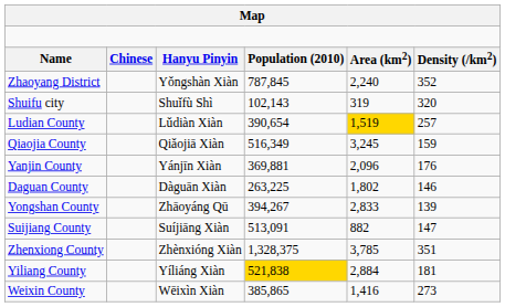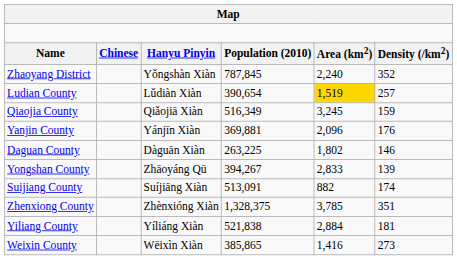 <table class="wikitable" style="font-size:90%; align=center">
 <tr>
 <th colspan="6" align="center">Map</th>
 </tr>
 <tr>
 <td colspan="6" align="center"><div><br>              </div></td>
 </tr>
 <tr>
 <th>Name</th>
 <th><a href='#'>Chinese</a></th>
 <th><a href='#'>Hanyu Pinyin</a></th>
 <th>Population (2010)</th>
 <th>Area (km<sup>2</sup>)</th>
 <th>Density (/km<sup>2</sup>)</th>
 </tr>
 <tr --------->
 <td><a href='#'>Zhaoyang District</a></td>
 <td></td>
 <td>Yǒngshàn Xiàn</td>
 <td>787,845</td>
 <td>2,240</td>
 <td>352</td>
-</tr>
-<tr --------->
-<td><a href='#'>Shuifu</a> city</td>
-<td></td>
-<td>Shuǐfù Shì</td>
-<td>102,143</td>
-<td>319</td>
-<td>320</td>
 </tr>
 <tr --------->
 <td><a href='#'>Ludian County</a></td>
 <td></td>
 <td>Lǔdiàn Xiàn</td>
 <td>390,654</td>
 <td style="background: gold;">1,519</td>
 <td>257</td>
 </tr>
 <tr --------->
 <td><a href='#'>Qiaojia County</a></td>
 <td></td>
 <td>Qiǎojiā Xiàn</td>
 <td>516,349</td>
 <td>3,245</td>
 <td>159</td>
 </tr>
 <tr --------->
 <td><a href='#'>Yanjin County</a></td>
 <td></td>
 <td>Yánjīn Xiàn</td>
 <td>369,881</td>
 <td>2,096</td>
 <td>176</td>
 </tr>
 <tr --------->
 <td><a href='#'>Daguan County</a></td>
 <td></td>
 <td>Dàguān Xiàn</td>
 <td>263,225</td>
 <td>1,802</td>
 <td>146</td>
 </tr>
 <tr --------->
 <td><a href='#'>Yongshan County</a></td>
 <td></td>
 <td>Zhāoyáng Qū</td>
 <td>394,267</td>
 <td>2,833</td>
 <td>139</td>
 </tr>
 <tr --------->
 <td><a href='#'>Suijiang County</a></td>
 <td></td>
 <td>Suíjiāng Xiàn</td>
 <td>513,091</td>
 <td>882</td>
-<td>147</td>
+<td>174</td>
 </tr>
 <tr --------->
 <td><a href='#'>Zhenxiong County</a></td>
 <td></td>
 <td>Zhènxióng Xiàn</td>
 <td>1,328,375</td>
 <td>3,785</td>
 <td>351</td>
 </tr>
 <tr --------->
 <td><a href='#'>Yiliang County</a></td>
 <td></td>
 <td>Yíliáng Xiàn</td>
-<td style="background: gold;">521,838</td>
+<td>521,838</td>
 <td>2,884</td>
 <td>181</td>
 </tr>
 <tr --------->
 <td><a href='#'>Weixin County</a></td>
 <td></td>
 <td>Wēixìn Xiàn</td>
 <td>385,865</td>
 <td>1,416</td>
 <td>273</td>
 </tr>
 </table>
